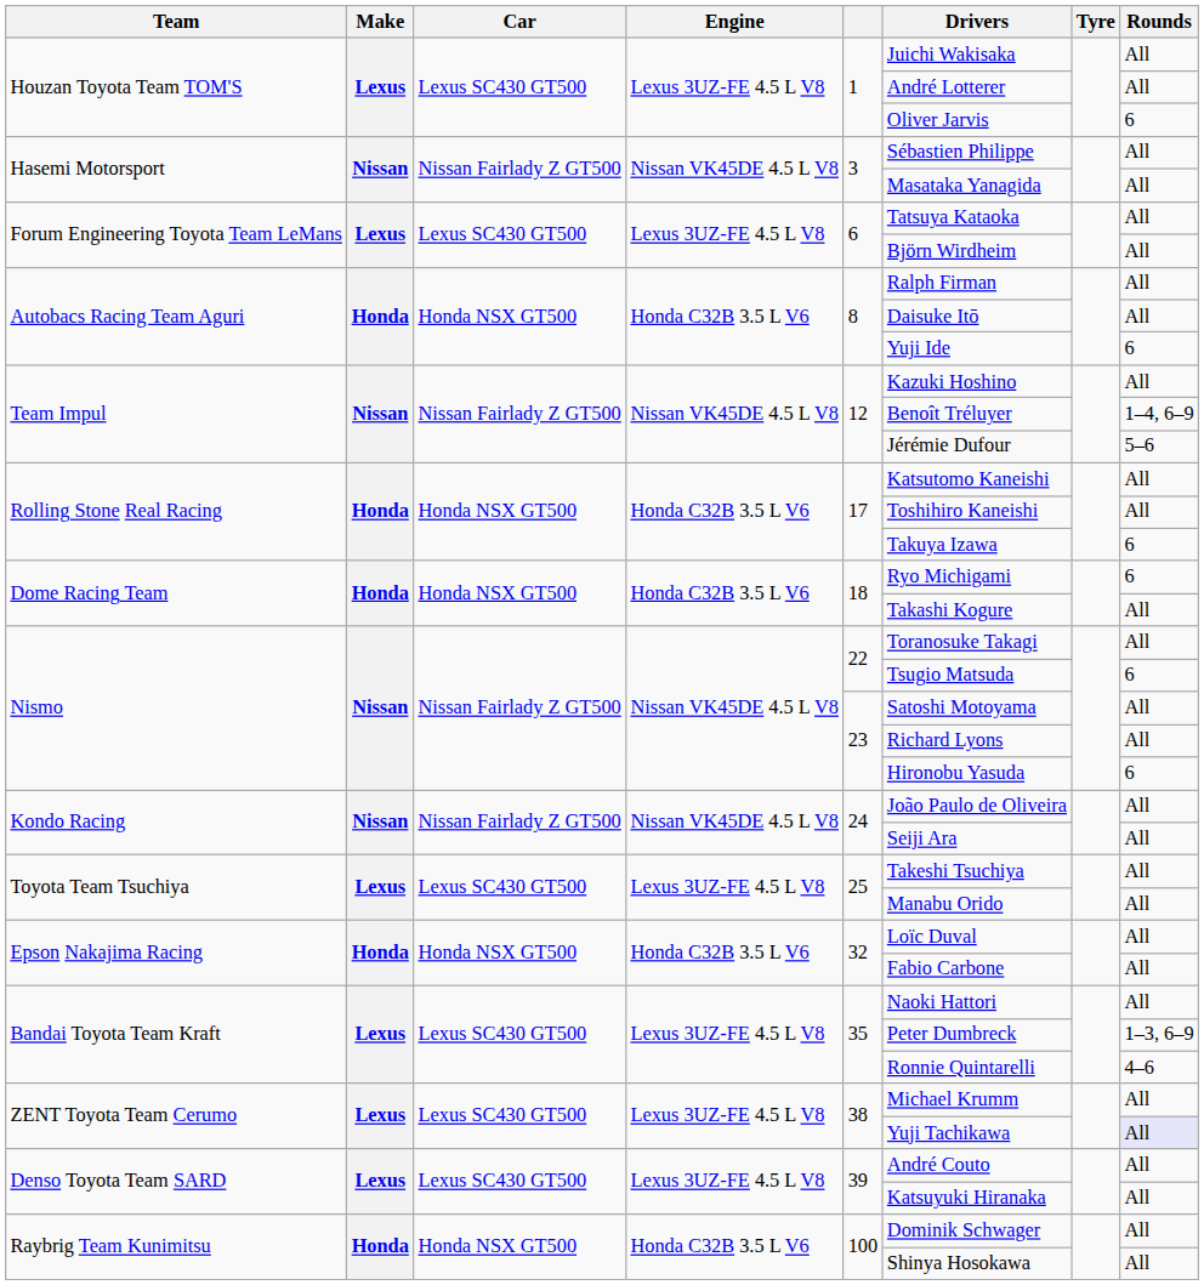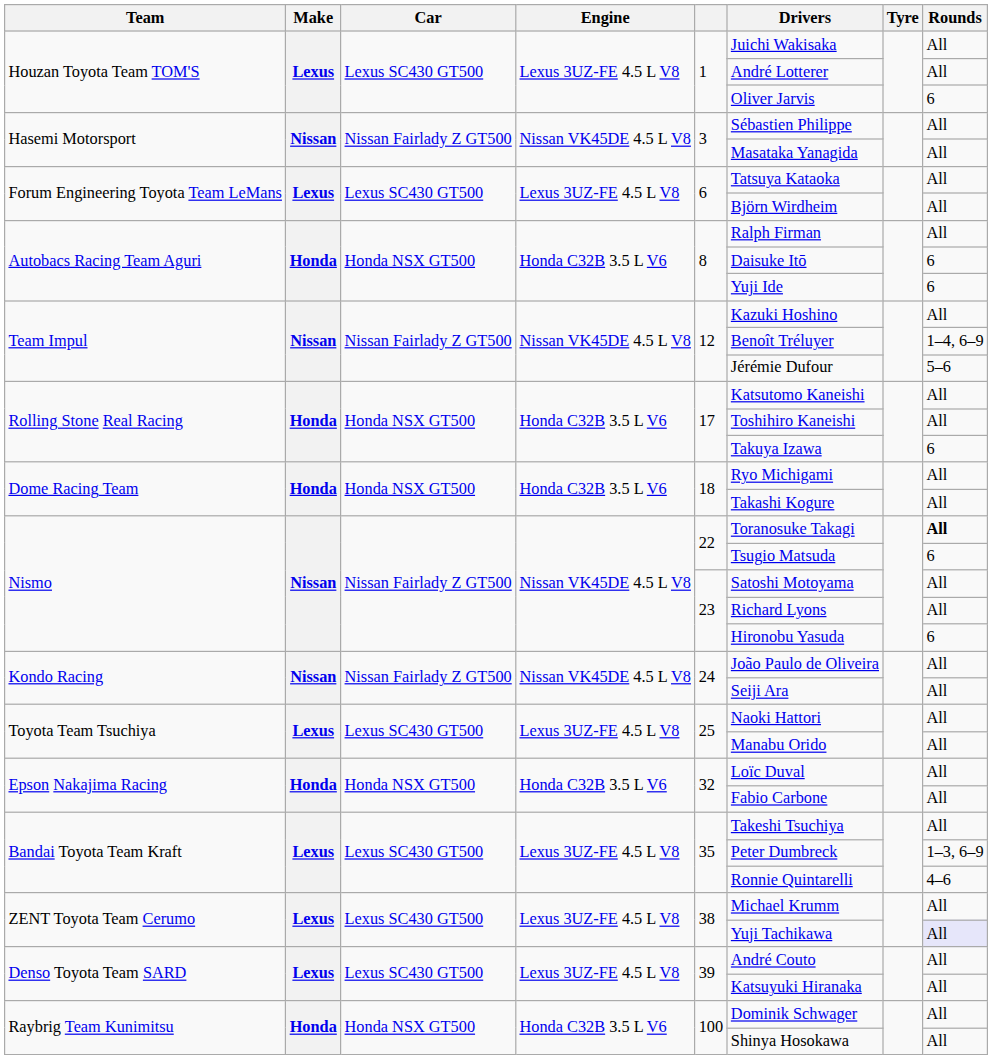 <table class="wikitable" style="font-size: 85%">
 <tr>
 <th>Team</th>
 <th>Make</th>
 <th>Car</th>
 <th>Engine</th>
 <th></th>
 <th>Drivers</th>
 <th>Tyre</th>
 <th>Rounds</th>
 </tr>
 <tr>
 <td rowspan=3>Houzan Toyota Team <a href='#'>TOM'S</a></td>
 <th rowspan=3><a href='#'>Lexus</a></th>
 <td rowspan=3><a href='#'>Lexus SC430 GT500</a></td>
 <td rowspan=3><a href='#'>Lexus 3UZ-FE</a> 4.5 L <a href='#'>V8</a></td>
 <td rowspan=3>1</td>
 <td> <a href='#'>Juichi Wakisaka</a></td>
 <td rowspan=3 align="center"></td>
 <td>All</td>
 </tr>
 <tr>
 <td> <a href='#'>André Lotterer</a></td>
 <td>All</td>
 </tr>
 <tr>
 <td> <a href='#'>Oliver Jarvis</a></td>
 <td>6</td>
 </tr>
 <tr>
 <td rowspan=2>Hasemi Motorsport</td>
 <th rowspan=2><a href='#'>Nissan</a></th>
 <td rowspan=2><a href='#'>Nissan Fairlady Z GT500</a></td>
 <td rowspan=2><a href='#'>Nissan VK45DE</a> 4.5 L <a href='#'>V8</a></td>
 <td rowspan=2>3</td>
 <td> <a href='#'>Sébastien Philippe</a></td>
 <td rowspan=2 align="center"></td>
 <td>All</td>
 </tr>
 <tr>
 <td> <a href='#'>Masataka Yanagida</a></td>
 <td>All</td>
 </tr>
 <tr>
 <td rowspan=2>Forum Engineering Toyota <a href='#'>Team LeMans</a></td>
 <th rowspan=2><a href='#'>Lexus</a></th>
 <td rowspan=2><a href='#'>Lexus SC430 GT500</a></td>
 <td rowspan=2><a href='#'>Lexus 3UZ-FE</a> 4.5 L <a href='#'>V8</a></td>
 <td rowspan=2>6</td>
 <td> <a href='#'>Tatsuya Kataoka</a></td>
 <td rowspan=2 align="center"></td>
 <td>All</td>
 </tr>
 <tr>
 <td> <a href='#'>Björn Wirdheim</a></td>
 <td>All</td>
 </tr>
 <tr>
 <td rowspan=3><a href='#'>Autobacs Racing Team Aguri</a></td>
 <th rowspan=3><a href='#'>Honda</a></th>
 <td rowspan=3><a href='#'>Honda NSX GT500</a></td>
 <td rowspan=3><a href='#'>Honda C32B</a> 3.5 L <a href='#'>V6</a></td>
 <td rowspan=3>8</td>
 <td> <a href='#'>Ralph Firman</a></td>
 <td rowspan=3 align="center"></td>
 <td>All</td>
 </tr>
 <tr>
 <td> <a href='#'>Daisuke Itō</a></td>
-<td>All</td>
+<td>6</td>
 </tr>
 <tr>
 <td> <a href='#'>Yuji Ide</a></td>
 <td>6</td>
 </tr>
 <tr>
 <td rowspan=3><a href='#'>Team Impul</a></td>
 <th rowspan=3><a href='#'>Nissan</a></th>
 <td rowspan=3><a href='#'>Nissan Fairlady Z GT500</a></td>
 <td rowspan=3><a href='#'>Nissan VK45DE</a> 4.5 L <a href='#'>V8</a></td>
 <td rowspan=3>12</td>
 <td> <a href='#'>Kazuki Hoshino</a></td>
 <td rowspan=3 align="center"></td>
 <td>All</td>
 </tr>
 <tr>
 <td> <a href='#'>Benoît Tréluyer</a></td>
 <td>1–4, 6–9</td>
 </tr>
 <tr>
 <td> Jérémie Dufour</td>
 <td>5–6</td>
 </tr>
 <tr>
 <td rowspan=3><a href='#'>Rolling Stone</a> <a href='#'>Real Racing</a></td>
 <th rowspan=3><a href='#'>Honda</a></th>
 <td rowspan=3><a href='#'>Honda NSX GT500</a></td>
 <td rowspan=3><a href='#'>Honda C32B</a> 3.5 L <a href='#'>V6</a></td>
 <td rowspan=3>17</td>
 <td> <a href='#'>Katsutomo Kaneishi</a></td>
 <td rowspan=3 align="center"></td>
 <td>All</td>
 </tr>
 <tr>
 <td> <a href='#'>Toshihiro Kaneishi</a></td>
 <td>All</td>
 </tr>
 <tr>
 <td> <a href='#'>Takuya Izawa</a></td>
 <td>6</td>
 </tr>
 <tr>
 <td rowspan=2><a href='#'>Dome Racing Team</a></td>
 <th rowspan=2><a href='#'>Honda</a></th>
 <td rowspan=2><a href='#'>Honda NSX GT500</a></td>
 <td rowspan=2><a href='#'>Honda C32B</a> 3.5 L <a href='#'>V6</a></td>
 <td rowspan=2>18</td>
 <td> <a href='#'>Ryo Michigami</a></td>
 <td rowspan=2 align="center"></td>
-<td>6</td>
+<td>All</td>
 </tr>
 <tr>
 <td> <a href='#'>Takashi Kogure</a></td>
 <td>All</td>
 </tr>
 <tr>
 <td rowspan=5><a href='#'>Nismo</a></td>
 <th rowspan=5><a href='#'>Nissan</a></th>
 <td rowspan=5><a href='#'>Nissan Fairlady Z GT500</a></td>
 <td rowspan=5><a href='#'>Nissan VK45DE</a> 4.5 L <a href='#'>V8</a></td>
 <td rowspan=2>22</td>
 <td> <a href='#'>Toranosuke Takagi</a></td>
 <td rowspan=5 align="center"></td>
-<td>All</td>
+<td><strong>All</strong></td>
 </tr>
 <tr>
 <td> <a href='#'>Tsugio Matsuda</a></td>
 <td>6</td>
 </tr>
 <tr>
 <td rowspan=3>23</td>
 <td> <a href='#'>Satoshi Motoyama</a></td>
 <td>All</td>
 </tr>
 <tr>
 <td> <a href='#'>Richard Lyons</a></td>
 <td>All</td>
 </tr>
 <tr>
 <td> <a href='#'>Hironobu Yasuda</a></td>
 <td>6</td>
 </tr>
 <tr>
 <td rowspan=2><a href='#'>Kondo Racing</a></td>
 <th rowspan=2><a href='#'>Nissan</a></th>
 <td rowspan=2><a href='#'>Nissan Fairlady Z GT500</a></td>
 <td rowspan=2><a href='#'>Nissan VK45DE</a> 4.5 L <a href='#'>V8</a></td>
 <td rowspan=2>24</td>
 <td> <a href='#'>João Paulo de Oliveira</a></td>
 <td rowspan=2 align="center"></td>
 <td>All</td>
 </tr>
 <tr>
 <td> <a href='#'>Seiji Ara</a></td>
 <td>All</td>
 </tr>
 <tr>
 <td rowspan=2>Toyota Team Tsuchiya</td>
 <th rowspan=2><a href='#'>Lexus</a></th>
 <td rowspan=2><a href='#'>Lexus SC430 GT500</a></td>
 <td rowspan=2><a href='#'>Lexus 3UZ-FE</a> 4.5 L <a href='#'>V8</a></td>
 <td rowspan=2>25</td>
-<td> <a href='#'>Takeshi Tsuchiya</a></td>
+<td> <a href='#'>Naoki Hattori</a></td>
 <td rowspan=2 align="center"></td>
 <td>All</td>
 </tr>
 <tr>
 <td> <a href='#'>Manabu Orido</a></td>
 <td>All</td>
 </tr>
 <tr>
 <td rowspan=2><a href='#'>Epson</a> <a href='#'>Nakajima Racing</a></td>
 <th rowspan=2><a href='#'>Honda</a></th>
 <td rowspan=2><a href='#'>Honda NSX GT500</a></td>
 <td rowspan=2><a href='#'>Honda C32B</a> 3.5 L <a href='#'>V6</a></td>
 <td rowspan=2>32</td>
 <td> <a href='#'>Loïc Duval</a></td>
 <td rowspan=2 align="center"></td>
 <td>All</td>
 </tr>
 <tr>
 <td> <a href='#'>Fabio Carbone</a></td>
 <td>All</td>
 </tr>
 <tr>
 <td rowspan=3><a href='#'>Bandai</a> Toyota Team Kraft</td>
 <th rowspan=3><a href='#'>Lexus</a></th>
 <td rowspan=3><a href='#'>Lexus SC430 GT500</a></td>
 <td rowspan=3><a href='#'>Lexus 3UZ-FE</a> 4.5 L <a href='#'>V8</a></td>
 <td rowspan=3>35</td>
-<td> <a href='#'>Naoki Hattori</a></td>
+<td> <a href='#'>Takeshi Tsuchiya</a></td>
 <td rowspan=3 align="center"></td>
 <td>All</td>
 </tr>
 <tr>
 <td> <a href='#'>Peter Dumbreck</a></td>
 <td>1–3, 6–9</td>
 </tr>
 <tr>
 <td> <a href='#'>Ronnie Quintarelli</a></td>
 <td>4–6</td>
 </tr>
 <tr>
 <td rowspan=2>ZENT Toyota Team <a href='#'>Cerumo</a></td>
 <th rowspan=2><a href='#'>Lexus</a></th>
 <td rowspan=2><a href='#'>Lexus SC430 GT500</a></td>
 <td rowspan=2><a href='#'>Lexus 3UZ-FE</a> 4.5 L <a href='#'>V8</a></td>
 <td rowspan=2>38</td>
 <td> <a href='#'>Michael Krumm</a></td>
 <td rowspan=2 align="center"></td>
 <td>All</td>
 </tr>
 <tr>
 <td> <a href='#'>Yuji Tachikawa</a></td>
 <td style="background: lavender;">All</td>
 </tr>
 <tr>
 <td rowspan=2><a href='#'>Denso</a> Toyota Team <a href='#'>SARD</a></td>
 <th rowspan=2><a href='#'>Lexus</a></th>
 <td rowspan=2><a href='#'>Lexus SC430 GT500</a></td>
 <td rowspan=2><a href='#'>Lexus 3UZ-FE</a> 4.5 L <a href='#'>V8</a></td>
 <td rowspan=2>39</td>
 <td> <a href='#'>André Couto</a></td>
 <td rowspan=2 align="center"></td>
 <td>All</td>
 </tr>
 <tr>
 <td> <a href='#'>Katsuyuki Hiranaka</a></td>
 <td>All</td>
 </tr>
 <tr>
 <td rowspan=2>Raybrig <a href='#'>Team Kunimitsu</a></td>
 <th rowspan=2><a href='#'>Honda</a></th>
 <td rowspan=2><a href='#'>Honda NSX GT500</a></td>
 <td rowspan=2><a href='#'>Honda C32B</a> 3.5 L <a href='#'>V6</a></td>
 <td rowspan=2>100</td>
 <td> <a href='#'>Dominik Schwager</a></td>
 <td rowspan=2 align="center"></td>
 <td>All</td>
 </tr>
 <tr>
 <td> Shinya Hosokawa</td>
 <td>All</td>
 </tr>
 </table>
